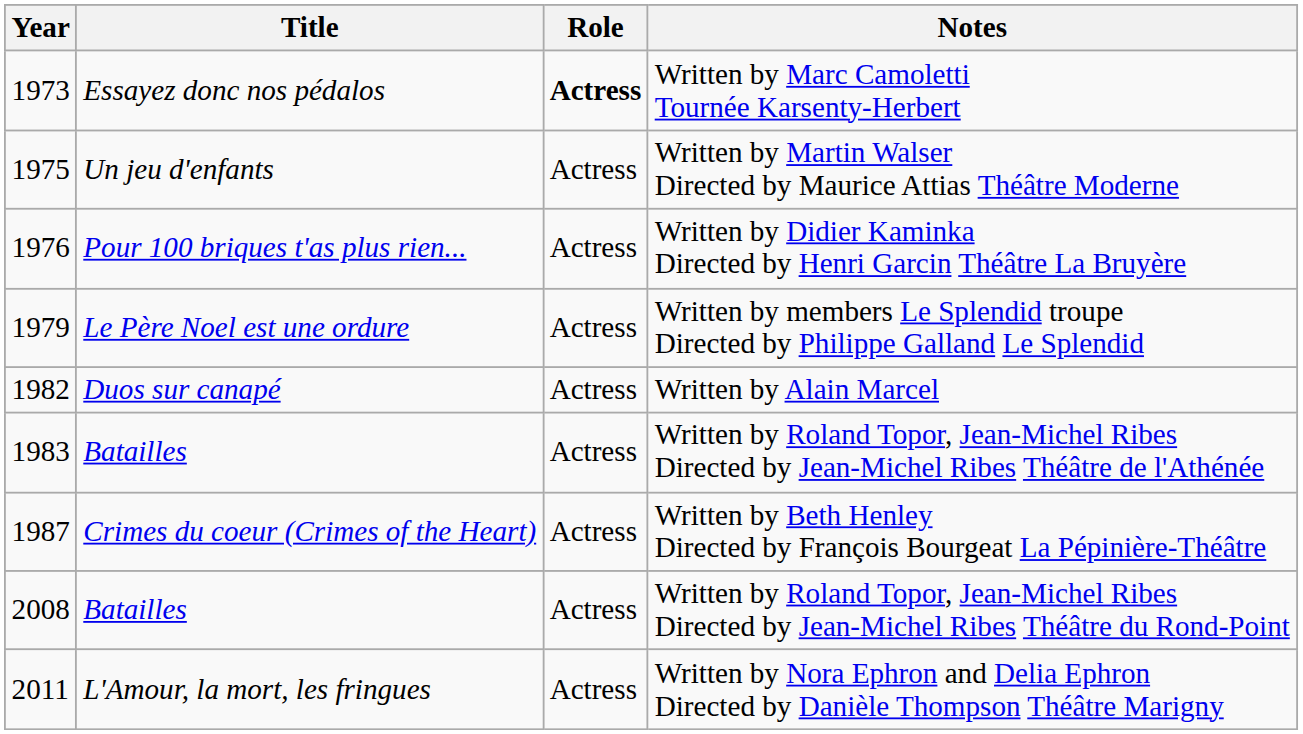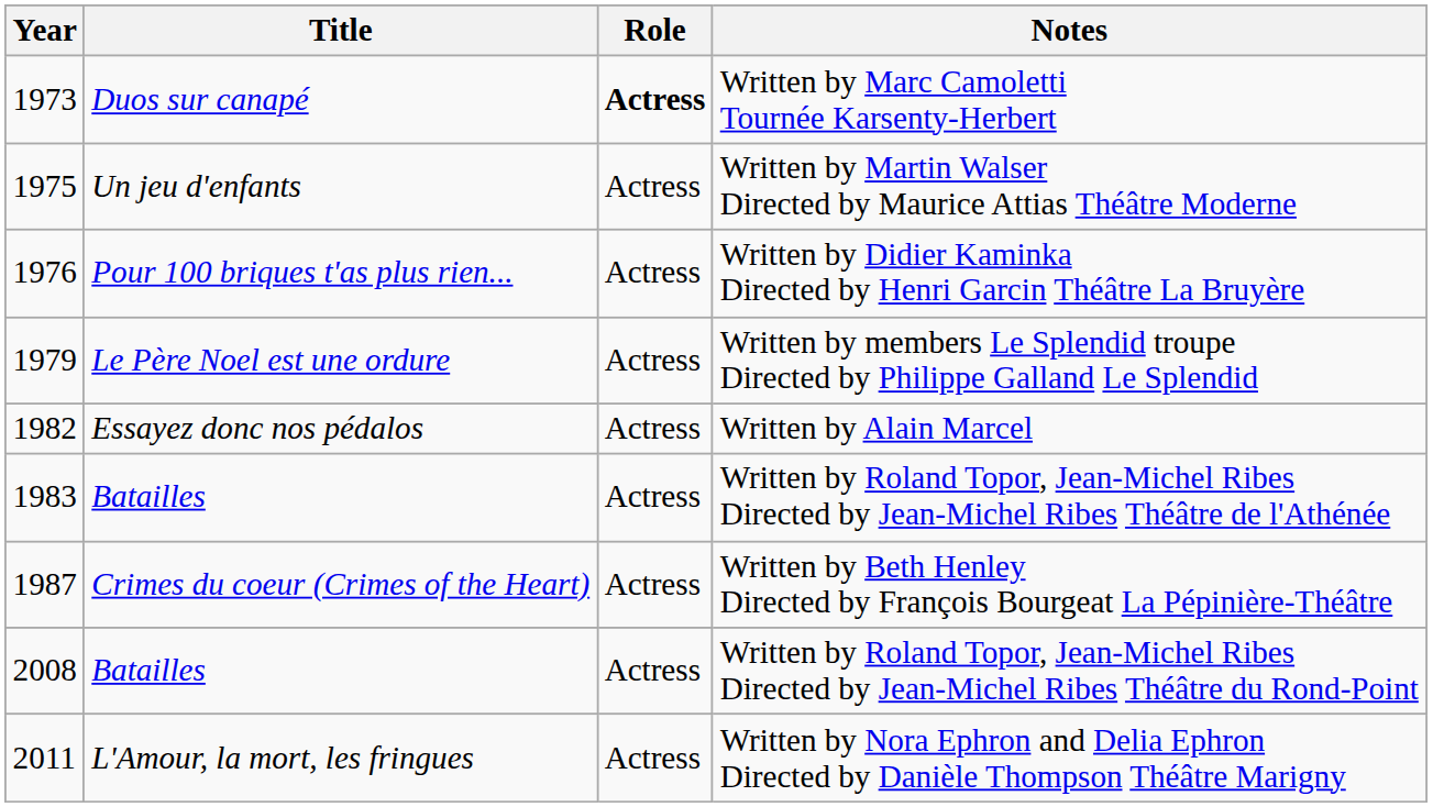 <table class="wikitable">
 <tr>
 <th>Year</th>
 <th>Title</th>
 <th>Role</th>
 <th>Notes</th>
 </tr>
 <tr>
 <td>1973</td>
-<td><em>Essayez donc nos pédalos</em></td>
+<td><em><a href='#'>Duos sur canapé</a></em></td>
 <td><strong>Actress</strong></td>
 <td>Written by <a href='#'>Marc Camoletti</a><br><a href='#'>Tournée Karsenty-Herbert</a></td>
 </tr>
 <tr>
 <td>1975</td>
 <td><em>Un jeu d'enfants</em></td>
 <td>Actress</td>
 <td>Written by <a href='#'>Martin Walser</a><br>Directed by Maurice Attias <a href='#'>Théâtre Moderne</a></td>
 </tr>
 <tr>
 <td>1976</td>
 <td><em><a href='#'>Pour 100 briques t'as plus rien...</a></em></td>
 <td>Actress</td>
 <td>Written by <a href='#'>Didier Kaminka</a><br>Directed by <a href='#'>Henri Garcin</a> <a href='#'>Théâtre La Bruyère</a></td>
 </tr>
 <tr>
 <td>1979</td>
 <td><em><a href='#'>Le Père Noel est une ordure</a></em></td>
 <td>Actress</td>
 <td>Written by members <a href='#'>Le Splendid</a> troupe<br>Directed by <a href='#'>Philippe Galland</a> <a href='#'>Le Splendid</a></td>
 </tr>
 <tr>
 <td>1982</td>
-<td><em><a href='#'>Duos sur canapé</a></em></td>
+<td><em>Essayez donc nos pédalos</em></td>
 <td>Actress</td>
 <td>Written by <a href='#'>Alain Marcel</a></td>
 </tr>
 <tr>
 <td>1983</td>
 <td><em><a href='#'>Batailles</a></em></td>
 <td>Actress</td>
 <td>Written by <a href='#'>Roland Topor</a>, <a href='#'>Jean-Michel Ribes</a><br>Directed by <a href='#'>Jean-Michel Ribes</a> <a href='#'>Théâtre de l'Athénée</a></td>
 </tr>
 <tr>
 <td>1987</td>
 <td><em><a href='#'>Crimes du coeur (Crimes of the Heart)</a></em></td>
 <td>Actress</td>
 <td>Written by <a href='#'>Beth Henley</a><br>Directed by François Bourgeat <a href='#'>La Pépinière-Théâtre</a></td>
 </tr>
 <tr>
 <td>2008</td>
 <td><em><a href='#'>Batailles</a></em></td>
 <td>Actress</td>
 <td>Written by <a href='#'>Roland Topor</a>, <a href='#'>Jean-Michel Ribes</a><br>Directed by <a href='#'>Jean-Michel Ribes</a> <a href='#'>Théâtre du Rond-Point</a></td>
 </tr>
 <tr>
 <td>2011</td>
 <td><em>L'Amour, la mort, les fringues</em></td>
 <td>Actress</td>
 <td>Written by <a href='#'>Nora Ephron</a> and <a href='#'>Delia Ephron</a><br>Directed by <a href='#'>Danièle Thompson</a> <a href='#'>Théâtre Marigny</a></td>
 </tr>
 </table>
